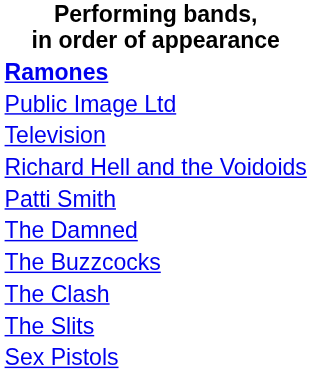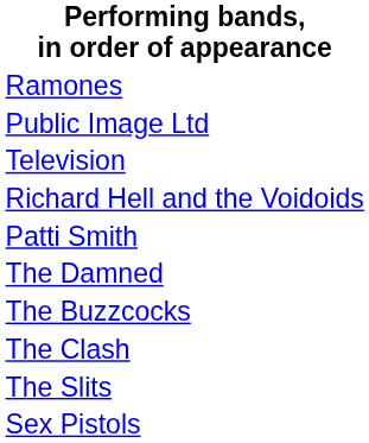 <table align=right>
 <tr>
 <th>Performing bands,<br>in order of appearance</th>
 </tr>
 <tr>
-<td><strong><a href='#'>Ramones</a></strong></td>
+<td><a href='#'>Ramones</a></td>
 </tr>
 <tr>
 <td><a href='#'>Public Image Ltd</a></td>
 </tr>
 <tr>
 <td><a href='#'>Television</a></td>
 </tr>
 <tr>
 <td><a href='#'>Richard Hell and the Voidoids</a></td>
 </tr>
 <tr>
 <td><a href='#'>Patti Smith</a></td>
 </tr>
 <tr>
 <td><a href='#'>The Damned</a></td>
 </tr>
 <tr>
 <td><a href='#'>The Buzzcocks</a></td>
 </tr>
 <tr>
 <td><a href='#'>The Clash</a></td>
 </tr>
 <tr>
 <td><a href='#'>The Slits</a></td>
 </tr>
 <tr>
 <td><a href='#'>Sex Pistols</a></td>
 </tr>
 </table>
